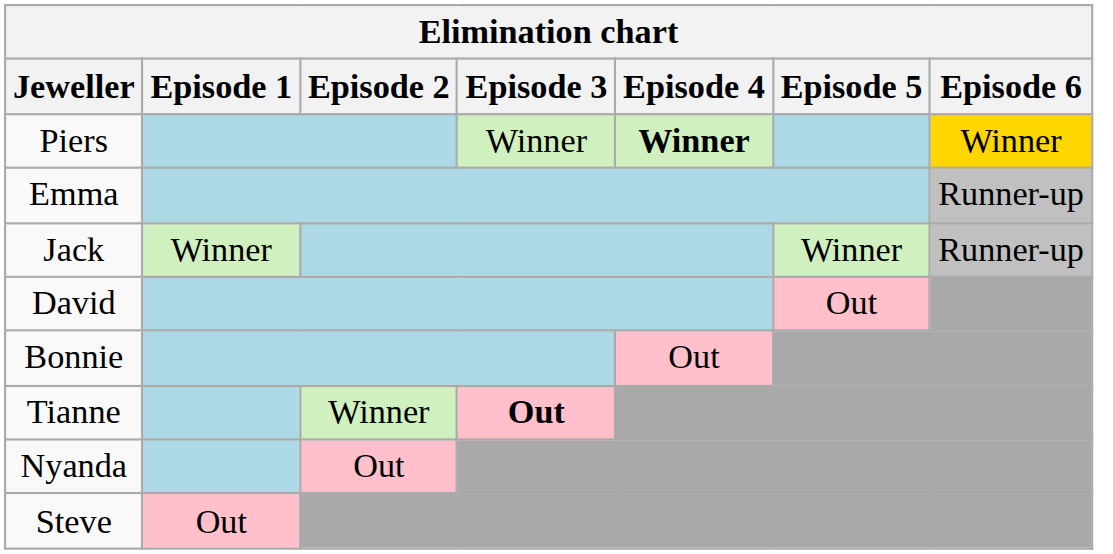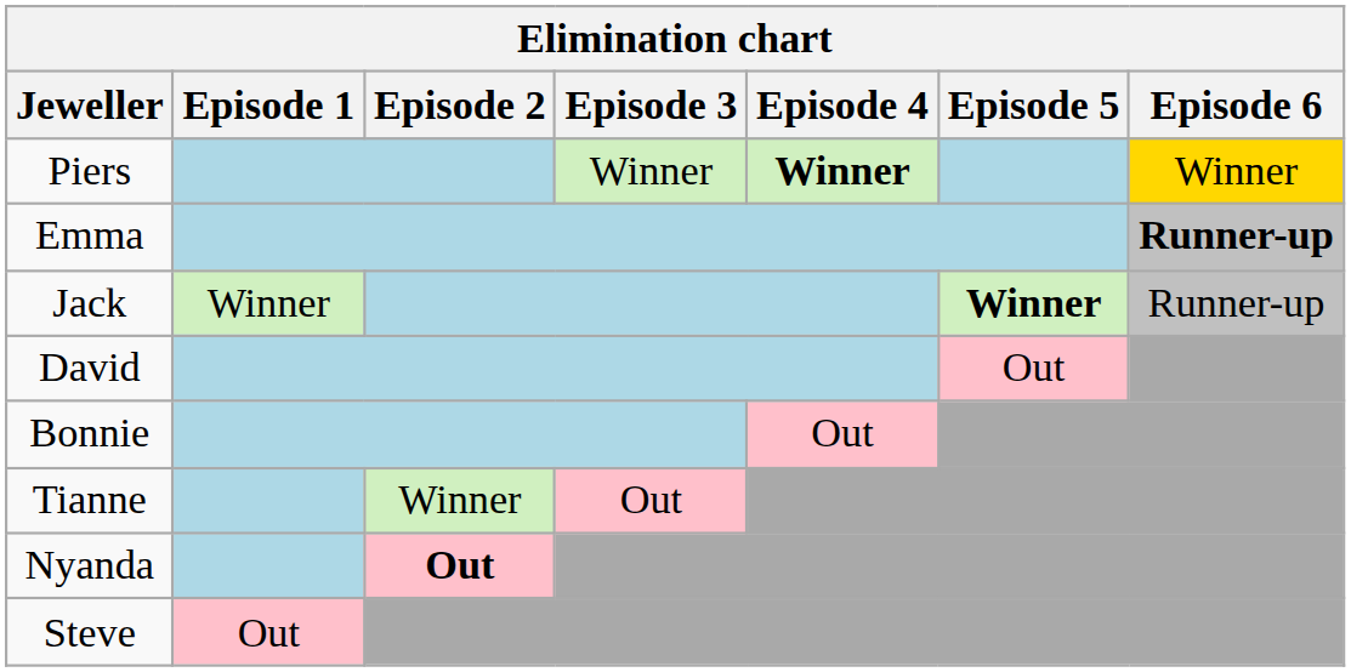 <table class="wikitable" style="text-align:center">
 <tr>
 <th colspan="8">Elimination chart</th>
 </tr>
 <tr>
 <th>Jeweller</th>
 <th>Episode 1</th>
 <th>Episode 2</th>
 <th>Episode 3</th>
 <th>Episode 4</th>
 <th>Episode 5</th>
 <th>Episode 6</th>
 </tr>
 <tr>
 <td>Piers</td>
 <td colspan="2" style="background:Lightblue;"></td>
 <td style="background:#d0f0c0;">Winner</td>
 <td style="background:#d0f0c0;"><strong>Winner</strong></td>
 <td style="background:Lightblue;"></td>
 <td style="background:Gold;">Winner</td>
 </tr>
 <tr>
 <td>Emma</td>
 <td colspan="5" style="background:Lightblue;"></td>
-<td style="background:silver;">Runner-up</td>
+<td style="background:silver;"><strong>Runner-up</strong></td>
 </tr>
 <tr>
 <td>Jack</td>
 <td style="background:#d0f0c0;">Winner</td>
 <td colspan="3" style="background:Lightblue;"></td>
-<td style="background:#d0f0c0;">Winner</td>
+<td style="background:#d0f0c0;"><strong>Winner</strong></td>
 <td style="background:silver;">Runner-up</td>
 </tr>
 <tr>
 <td>David</td>
 <td colspan="4" style="background:Lightblue;"></td>
 <td style="background:Pink;">Out</td>
 <td style="background:darkgrey;"></td>
 </tr>
 <tr>
 <td>Bonnie</td>
 <td colspan="3" style="background:Lightblue;"></td>
 <td style="background:Pink;">Out</td>
 <td colspan=2 style="background:darkgrey;"></td>
 </tr>
 <tr>
 <td>Tianne</td>
 <td style="background:Lightblue;"></td>
 <td style="background:#d0f0c0;">Winner</td>
-<td style="background:Pink;"><strong>Out</strong></td>
+<td style="background:Pink;">Out</td>
 <td colspan=3 style="background:darkgrey;"></td>
 </tr>
 <tr>
 <td>Nyanda</td>
 <td style="background:Lightblue;"></td>
-<td style="background:Pink;">Out</td>
+<td style="background:Pink;"><strong>Out</strong></td>
 <td colspan=4 style="background:darkgrey;"></td>
 </tr>
 <tr>
 <td>Steve</td>
 <td style="background:Pink;">Out</td>
 <td colspan=5 style="background:darkgrey;"></td>
 </tr>
 </table>
